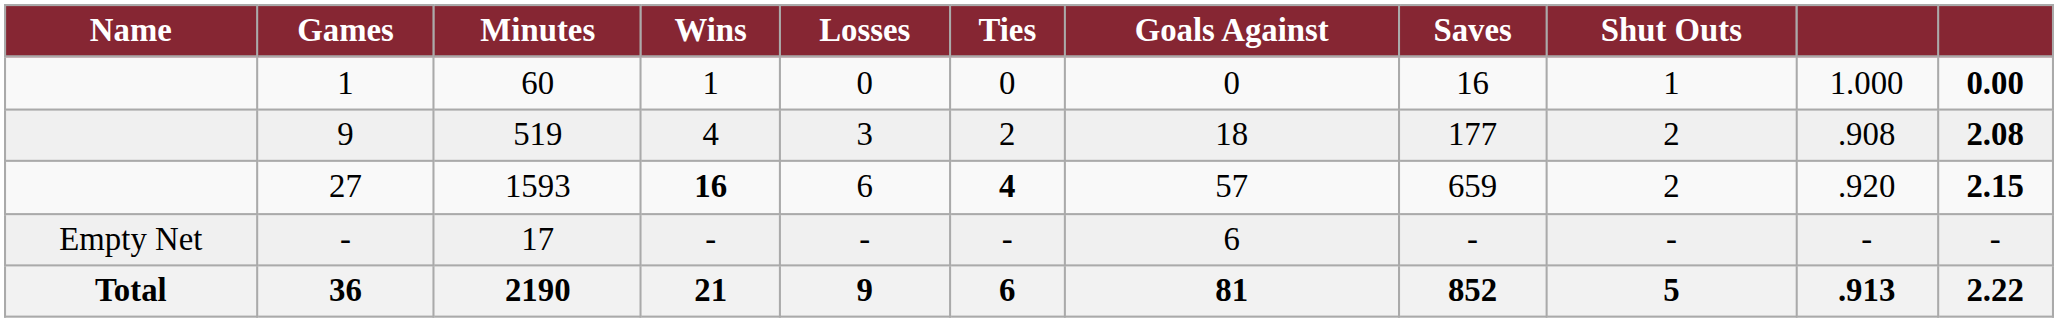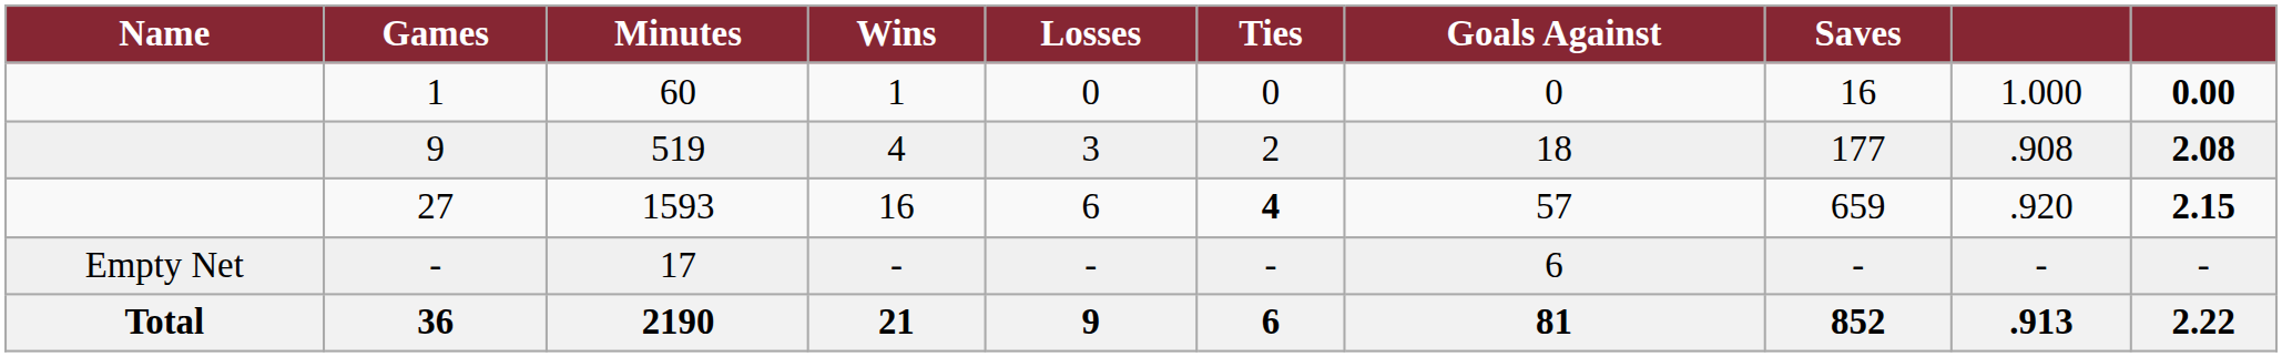 <table class="wikitable sortable" width ="1000">
 <tr align="center">
 <th style="color:white; background:#862633; ">Name</th>
 <th style="color:white; background:#862633; ">Games</th>
 <th style="color:white; background:#862633; ">Minutes</th>
 <th style="color:white; background:#862633; ">Wins</th>
 <th style="color:white; background:#862633; ">Losses</th>
 <th style="color:white; background:#862633; ">Ties</th>
 <th style="color:white; background:#862633; ">Goals Against</th>
 <th style="color:white; background:#862633; ">Saves</th>
-<th style="color:white; background:#862633; ">Shut Outs</th>
 <th style="color:white; background:#862633; "><a href='#'></a></th>
 <th style="color:white; background:#862633; "><a href='#'></a></th>
 </tr>
 <tr align="center">
 <td></td>
 <td>1</td>
 <td>60</td>
 <td>1</td>
 <td>0</td>
 <td>0</td>
 <td>0</td>
 <td>16</td>
-<td>1</td>
 <td>1.000</td>
 <td><strong>0.00</strong></td>
 </tr>
 <tr align="center" bgcolor="f0f0f0">
 <td></td>
 <td>9</td>
 <td>519</td>
 <td>4</td>
 <td>3</td>
 <td>2</td>
 <td>18</td>
 <td>177</td>
-<td>2</td>
 <td>.908</td>
 <td><strong>2.08</strong></td>
 </tr>
 <tr align="center" bgcolor="">
 <td></td>
 <td>27</td>
 <td>1593</td>
-<td><strong>16</strong></td>
+<td>16</td>
 <td>6</td>
 <td><strong>4</strong></td>
 <td>57</td>
 <td>659</td>
-<td>2</td>
 <td>.920</td>
 <td><strong>2.15</strong></td>
 </tr>
 <tr align="center" bgcolor="f0f0f0">
 <td>Empty Net</td>
 <td>-</td>
 <td>17</td>
 <td>-</td>
 <td>-</td>
 <td>-</td>
 <td>6</td>
 <td>-</td>
 <td>-</td>
 <td>-</td>
-<td>-</td>
 </tr>
 <tr>
 <th>Total</th>
 <th>36</th>
 <th>2190</th>
 <th>21</th>
 <th>9</th>
 <th>6</th>
 <th>81</th>
 <th>852</th>
-<th>5</th>
 <th>.913</th>
 <th>2.22</th>
 </tr>
 </table>
